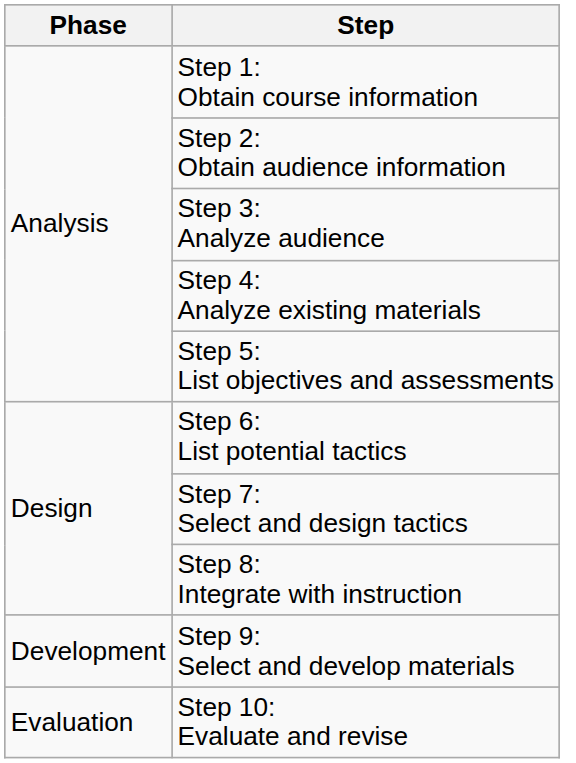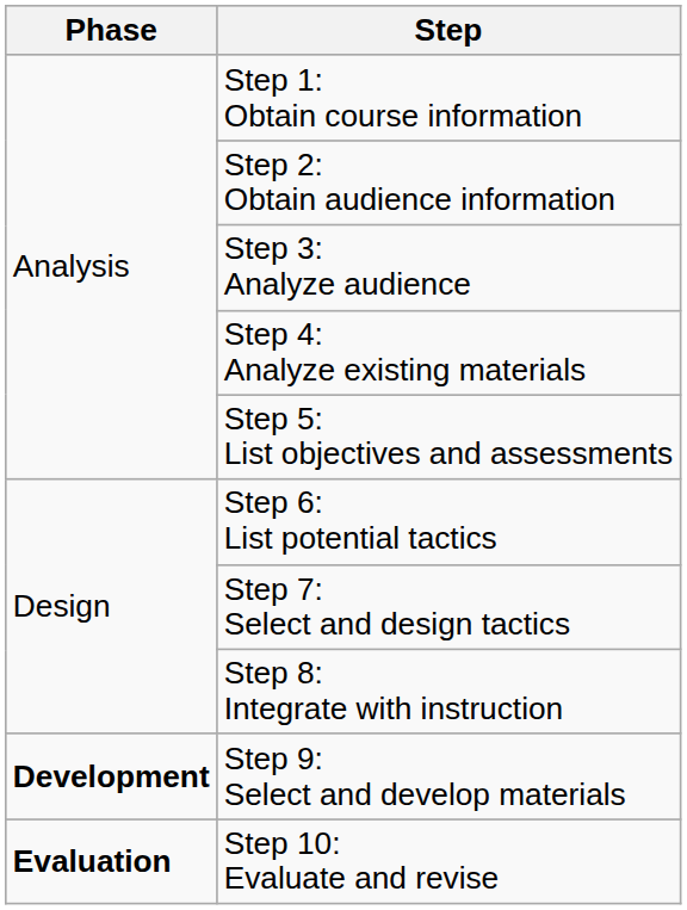 <table class="wikitable">
 <tr>
 <th>Phase</th>
 <th>Step</th>
 </tr>
 <tr>
 <td rowspan="5">Analysis</td>
 <td>Step 1:<br>Obtain course information</td>
 </tr>
 <tr>
 <td>Step 2:<br>Obtain audience information</td>
 </tr>
 <tr>
 <td>Step 3:<br>Analyze audience</td>
 </tr>
 <tr>
 <td>Step 4:<br>Analyze existing materials</td>
 </tr>
 <tr>
 <td>Step 5:<br>List objectives and assessments</td>
 </tr>
 <tr>
 <td rowspan="3">Design</td>
 <td>Step 6:<br>List potential tactics</td>
 </tr>
 <tr>
 <td>Step 7:<br>Select and design tactics</td>
 </tr>
 <tr>
 <td>Step 8:<br>Integrate with instruction</td>
 </tr>
 <tr>
-<td>Development</td>
+<td><strong>Development</strong></td>
 <td>Step 9:<br>Select and develop materials</td>
 </tr>
 <tr>
-<td>Evaluation</td>
+<td><strong>Evaluation</strong></td>
 <td>Step 10:<br>Evaluate and revise</td>
 </tr>
 </table>
